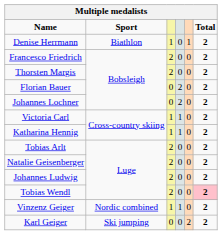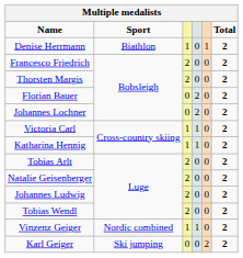 <table class="wikitable" style="font-size:85%; float:right; clear:right; min-width:308px; margin-left:1em">
 <tr style="background:#efefef;">
 <th colspan=7>Multiple medalists</th>
 </tr>
 <tr align=center>
 <td><strong>Name</strong></td>
 <td><strong>Sport</strong></td>
 <td style="background:#f7f6a8;"></td>
 <td style="background:#dce5e5;"></td>
 <td style="background:#ffdab9;"></td>
 <td><strong>Total</strong></td>
 </tr>
 <tr align=center>
 <td><a href='#'>Denise Herrmann</a></td>
 <td><a href='#'>Biathlon</a></td>
 <td style="background:#f7f6a8;">1</td>
 <td style="background:#dce5e5;">0</td>
 <td style="background:#ffdab9;">1</td>
 <td><strong>2</strong></td>
 </tr>
 <tr align=center>
 <td><a href='#'>Francesco Friedrich</a></td>
 <td rowspan=4><a href='#'>Bobsleigh</a></td>
 <td style="background:#f7f6a8;">2</td>
 <td style="background:#dce5e5;">0</td>
 <td style="background:#ffdab9;">0</td>
 <td><strong>2</strong></td>
 </tr>
 <tr align=center>
 <td><a href='#'>Thorsten Margis</a></td>
 <td style="background:#f7f6a8;">2</td>
 <td style="background:#dce5e5;">0</td>
 <td style="background:#ffdab9;">0</td>
 <td><strong>2</strong></td>
 </tr>
 <tr align=center>
 <td><a href='#'>Florian Bauer</a></td>
 <td style="background:#f7f6a8;">0</td>
 <td style="background:#dce5e5;">2</td>
 <td style="background:#ffdab9;">0</td>
 <td><strong>2</strong></td>
 </tr>
 <tr align=center>
 <td><a href='#'>Johannes Lochner</a></td>
 <td style="background:#f7f6a8;">0</td>
 <td style="background:#dce5e5;">2</td>
 <td style="background:#ffdab9;">0</td>
 <td><strong>2</strong></td>
 </tr>
 <tr align=center>
 <td><a href='#'>Victoria Carl</a></td>
 <td rowspan=2><a href='#'>Cross-country skiing</a></td>
 <td style="background:#f7f6a8;">1</td>
 <td style="background:#dce5e5;">1</td>
 <td style="background:#ffdab9;">0</td>
 <td><strong>2</strong></td>
 </tr>
 <tr align=center>
 <td><a href='#'>Katharina Hennig</a></td>
 <td style="background:#f7f6a8;">1</td>
 <td style="background:#dce5e5;">1</td>
 <td style="background:#ffdab9;">0</td>
 <td><strong>2</strong></td>
 </tr>
 <tr align=center>
 <td><a href='#'>Tobias Arlt</a></td>
 <td rowspan=4><a href='#'>Luge</a></td>
 <td style="background:#f7f6a8;">2</td>
 <td style="background:#dce5e5;">0</td>
 <td style="background:#ffdab9;">0</td>
 <td><strong>2</strong></td>
 </tr>
 <tr align=center>
 <td><a href='#'>Natalie Geisenberger</a></td>
 <td style="background:#f7f6a8;">2</td>
 <td style="background:#dce5e5;">0</td>
 <td style="background:#ffdab9;">0</td>
 <td><strong>2</strong></td>
 </tr>
 <tr align=center>
 <td><a href='#'>Johannes Ludwig</a></td>
 <td style="background:#f7f6a8;">2</td>
 <td style="background:#dce5e5;">0</td>
 <td style="background:#ffdab9;">0</td>
 <td><strong>2</strong></td>
 </tr>
 <tr align=center>
 <td><a href='#'>Tobias Wendl</a></td>
 <td style="background:#f7f6a8;">2</td>
 <td style="background:#dce5e5;">0</td>
 <td style="background:#ffdab9;">0</td>
-<td style="background: pink;"><strong>2</strong></td>
+<td><strong>2</strong></td>
 </tr>
 <tr align=center>
 <td><a href='#'>Vinzenz Geiger</a></td>
 <td><a href='#'>Nordic combined</a></td>
 <td style="background:#f7f6a8;">1</td>
 <td style="background:#dce5e5;">1</td>
 <td style="background:#ffdab9;">0</td>
 <td><strong>2</strong></td>
 </tr>
 <tr align=center>
 <td><a href='#'>Karl Geiger</a></td>
 <td><a href='#'>Ski jumping</a></td>
 <td style="background:#f7f6a8;">0</td>
 <td style="background:#dce5e5;">0</td>
 <td style="background:#ffdab9;">2</td>
 <td><strong>2</strong></td>
 </tr>
 </table>
